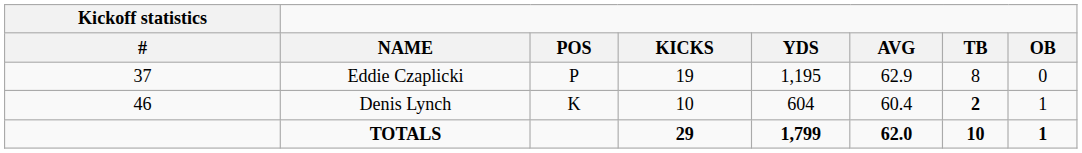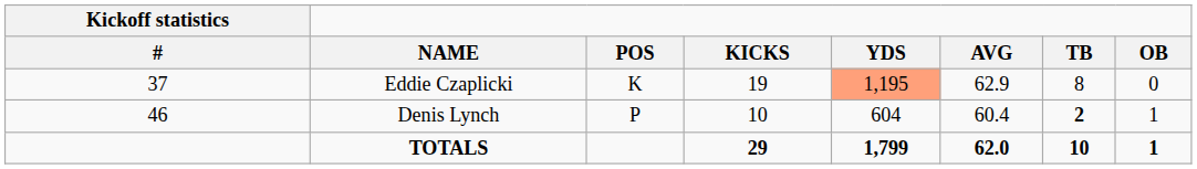 <table style="width:60%; text-align:center;" class="wikitable collapsible collapsed">
 <tr>
 <th style="text-align:center; ">Kickoff statistics</th>
 </tr>
 <tr>
 <th>#</th>
 <th>NAME</th>
 <th>POS</th>
 <th>KICKS</th>
 <th>YDS</th>
 <th>AVG</th>
 <th>TB</th>
 <th>OB</th>
 </tr>
 <tr>
 <td>37</td>
 <td>Eddie Czaplicki</td>
-<td>P</td>
+<td>K</td>
 <td>19</td>
-<td>1,195</td>
+<td style="background: lightsalmon;">1,195</td>
 <td>62.9</td>
 <td>8</td>
 <td>0</td>
 </tr>
 <tr>
 <td>46</td>
 <td>Denis Lynch</td>
-<td>K</td>
+<td>P</td>
 <td>10</td>
 <td>604</td>
 <td>60.4</td>
 <td><strong>2</strong></td>
 <td>1</td>
 </tr>
 <tr>
 <td></td>
 <td><strong>TOTALS</strong></td>
 <td></td>
 <td><strong>29</strong></td>
 <td><strong>1,799</strong></td>
 <td><strong>62.0</strong></td>
 <td><strong>10</strong></td>
 <td><strong>1</strong></td>
 </tr>
 </table>
